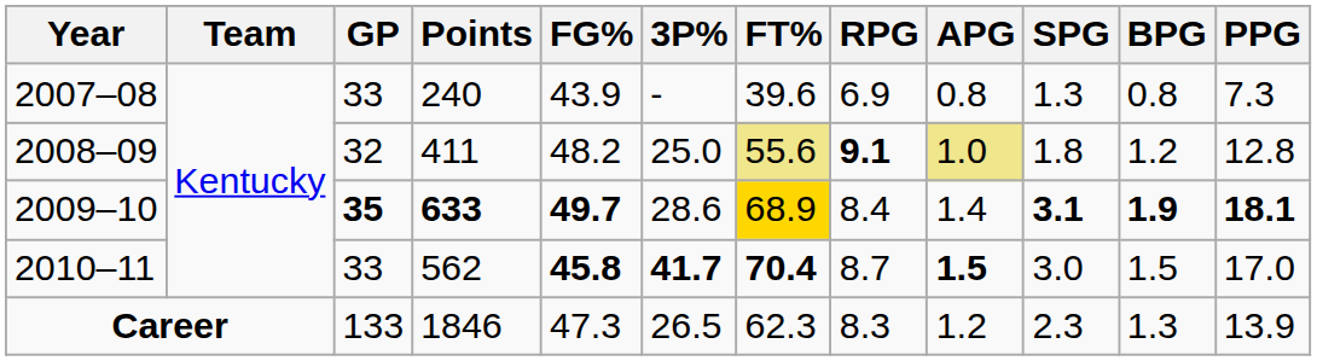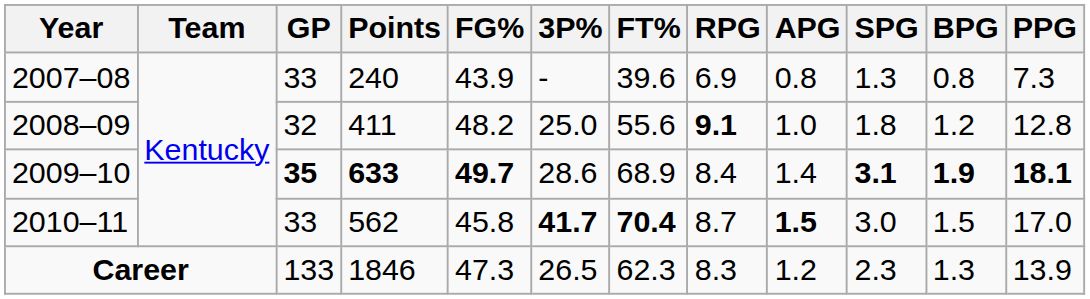 <table class="wikitable sortable">
 <tr>
 <th>Year</th>
 <th>Team</th>
 <th>GP</th>
 <th>Points</th>
 <th>FG%</th>
 <th>3P%</th>
 <th>FT%</th>
 <th>RPG</th>
 <th>APG</th>
 <th>SPG</th>
 <th>BPG</th>
 <th>PPG</th>
 </tr>
 <tr>
 <td>2007–08</td>
 <td rowspan=4><a href='#'>Kentucky</a></td>
 <td>33</td>
 <td>240</td>
 <td>43.9</td>
 <td>-</td>
 <td>39.6</td>
 <td>6.9</td>
 <td>0.8</td>
 <td>1.3</td>
 <td>0.8</td>
 <td>7.3</td>
 </tr>
 <tr>
 <td>2008–09</td>
 <td>32</td>
 <td>411</td>
 <td>48.2</td>
 <td>25.0</td>
-<td style="background: khaki;">55.6</td>
+<td>55.6</td>
 <td><strong>9.1</strong></td>
-<td style="background: khaki;">1.0</td>
+<td>1.0</td>
 <td>1.8</td>
 <td>1.2</td>
 <td>12.8</td>
 </tr>
 <tr>
 <td>2009–10</td>
 <td><strong>35</strong></td>
 <td><strong>633</strong></td>
 <td><strong>49.7</strong></td>
 <td>28.6</td>
-<td style="background: gold;">68.9</td>
+<td>68.9</td>
 <td>8.4</td>
 <td>1.4</td>
 <td><strong>3.1</strong></td>
 <td><strong>1.9</strong></td>
 <td><strong>18.1</strong></td>
 </tr>
 <tr>
 <td>2010–11</td>
 <td>33</td>
 <td>562</td>
-<td><strong>45.8</strong></td>
+<td>45.8</td>
 <td><strong>41.7</strong></td>
 <td><strong>70.4</strong></td>
 <td>8.7</td>
 <td><strong>1.5</strong></td>
 <td>3.0</td>
 <td>1.5</td>
 <td>17.0</td>
 </tr>
 <tr class="sortbottom">
 <td colspan=2 align=center><strong>Career</strong></td>
 <td>133</td>
 <td>1846</td>
 <td>47.3</td>
 <td>26.5</td>
 <td>62.3</td>
 <td>8.3</td>
 <td>1.2</td>
 <td>2.3</td>
 <td>1.3</td>
 <td>13.9</td>
 </tr>
 </table>
